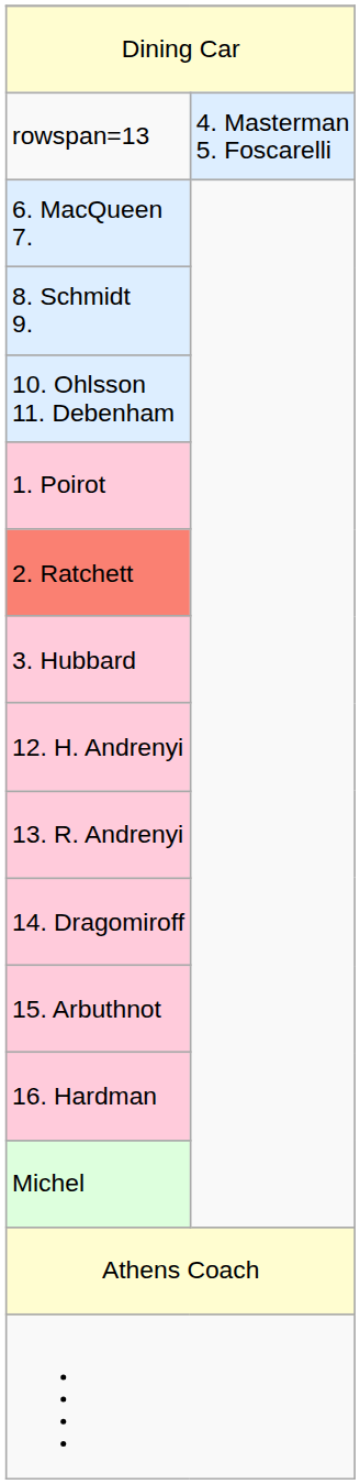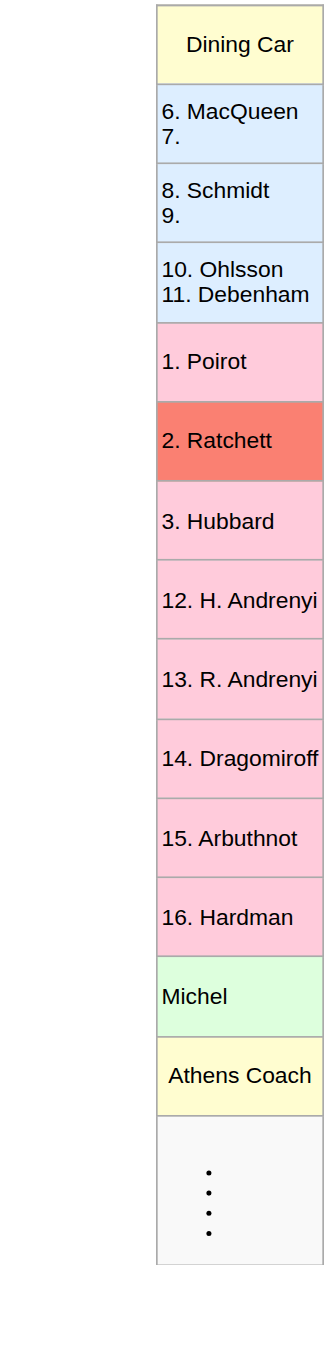 <table class="wikitable" style="border:8; float:right; font-size:85%;">
 <tr>
 </tr>
 <tr>
 <td colspan=2 style="background:#FFFDD0;height: 3em;text-align:center;">Dining Car</td>
-</tr>
-<tr>
-<td>rowspan=13 </td>
-<td style="background:#def;height: 3em;">4. Masterman<br>5. Foscarelli</td>
 </tr>
 <tr>
 <td style="background:#def;height: 3em;">6. MacQueen<br>7.</td>
 </tr>
 <tr>
 <td style="background:#def;height: 3em;">8. Schmidt<br>9.</td>
 </tr>
 <tr>
 <td style="background:#def;height: 3em;">10. Ohlsson<br>11. Debenham</td>
 </tr>
 <tr>
 <td style="background:#FFCBDB;height: 3em;">1. Poirot</td>
 </tr>
 <tr>
 <td style="background:salmon;height: 3em;">2. Ratchett</td>
 </tr>
 <tr>
 <td style="background:#FFCBDB;height: 3em;">3. Hubbard</td>
 </tr>
 <tr>
 <td style="background:#FFCBDB;height: 3em;">12. H. Andrenyi</td>
 </tr>
 <tr>
 <td style="background:#FFCBDB;height: 3em;">13. R. Andrenyi</td>
 </tr>
 <tr>
 <td style="background:#FFCBDB;height: 3em;">14. Dragomiroff</td>
 </tr>
 <tr>
 <td style="background:#FFCBDB;height: 3em;">15. Arbuthnot</td>
 </tr>
 <tr>
 <td style="background:#FFCBDB;height: 3em;">16. Hardman</td>
 </tr>
 <tr>
 <td style="background:#dfd;height: 3em;">Michel</td>
 </tr>
 <tr>
 <td colspan=2 style="background:#FFFDD0;height: 3em;text-align:center;">Athens Coach</td>
 </tr>
 <tr>
 <td colspan="2" style="font-size:85%;"><br><ul><li></li><li></li><li></li><li></li></ul></td>
 </tr>
 </table>
